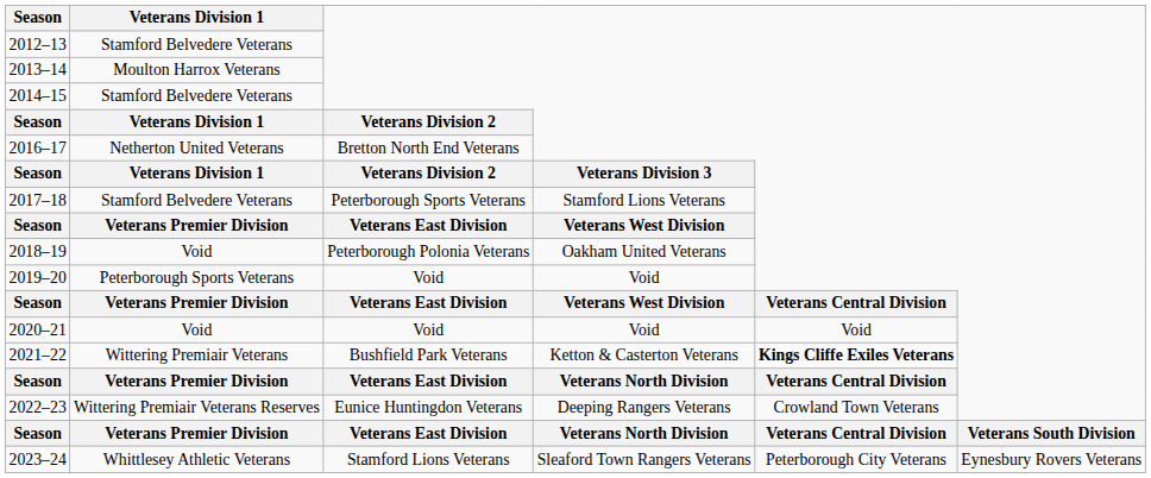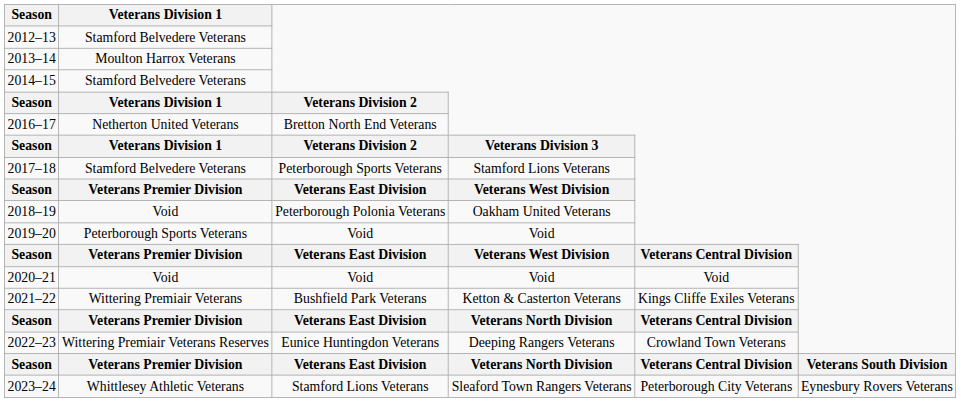 <table class=wikitable style=text-align:center>
 <tr>
 <th>Season</th>
 <th>Veterans Division 1</th>
 </tr>
 <tr>
 <td>2012–13</td>
 <td>Stamford Belvedere Veterans</td>
 </tr>
 <tr>
 <td>2013–14</td>
 <td>Moulton Harrox Veterans</td>
 </tr>
 <tr>
 <td>2014–15</td>
 <td>Stamford Belvedere Veterans</td>
 </tr>
 <tr>
 <th>Season</th>
 <th>Veterans Division 1</th>
 <th>Veterans Division 2</th>
 </tr>
 <tr>
 <td>2016–17</td>
 <td>Netherton United Veterans</td>
 <td>Bretton North End Veterans</td>
 </tr>
 <tr>
 <th>Season</th>
 <th>Veterans Division 1</th>
 <th>Veterans Division 2</th>
 <th>Veterans Division 3</th>
 </tr>
 <tr>
 <td>2017–18</td>
 <td>Stamford Belvedere Veterans</td>
 <td>Peterborough Sports Veterans</td>
 <td>Stamford Lions Veterans</td>
 </tr>
 <tr>
 <th>Season</th>
 <th>Veterans Premier Division</th>
 <th>Veterans East Division</th>
 <th>Veterans West Division</th>
 </tr>
 <tr>
 <td>2018–19</td>
 <td>Void</td>
 <td>Peterborough Polonia Veterans</td>
 <td>Oakham United Veterans</td>
 </tr>
 <tr>
 <td>2019–20</td>
 <td>Peterborough Sports Veterans</td>
 <td>Void</td>
 <td>Void</td>
 </tr>
 <tr>
 <th>Season</th>
 <th>Veterans Premier Division</th>
 <th>Veterans East Division</th>
 <th>Veterans West Division</th>
 <th>Veterans Central Division</th>
 </tr>
 <tr>
 <td>2020–21</td>
 <td>Void</td>
 <td>Void</td>
 <td>Void</td>
 <td>Void</td>
 </tr>
 <tr>
 <td>2021–22</td>
 <td>Wittering Premiair Veterans</td>
 <td>Bushfield Park Veterans</td>
 <td>Ketton & Casterton Veterans</td>
-<td><strong>Kings Cliffe Exiles Veterans</strong></td>
+<td>Kings Cliffe Exiles Veterans</td>
 </tr>
 <tr>
 <th>Season</th>
 <th>Veterans Premier Division</th>
 <th>Veterans East Division</th>
 <th>Veterans North Division</th>
 <th>Veterans Central Division</th>
 </tr>
 <tr>
 <td>2022–23</td>
 <td>Wittering Premiair Veterans Reserves</td>
 <td>Eunice Huntingdon Veterans</td>
 <td>Deeping Rangers Veterans</td>
 <td>Crowland Town Veterans</td>
 </tr>
 <tr>
 <th>Season</th>
 <th>Veterans Premier Division</th>
 <th>Veterans East Division</th>
 <th>Veterans North Division</th>
 <th>Veterans Central Division</th>
 <th>Veterans South Division</th>
 </tr>
 <tr>
 <td>2023–24</td>
 <td>Whittlesey Athletic Veterans</td>
 <td>Stamford Lions Veterans</td>
 <td>Sleaford Town Rangers Veterans</td>
 <td>Peterborough City Veterans</td>
 <td>Eynesbury Rovers Veterans</td>
 </tr>
 </table>
